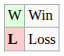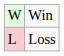 <table class="wikitable">
 <tr>
 <td style="background:#dfd;">W</td>
 <td>Win</td>
 </tr>
 <tr>
-<td style="background:#fcc;"><strong>L</strong></td>
+<td style="background:#fcc;">L</td>
 <td>Loss</td>
 </tr>
 </table>
